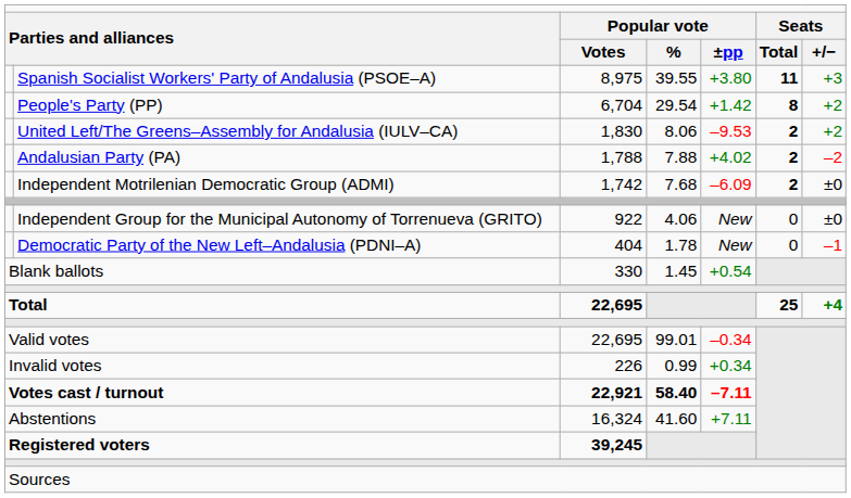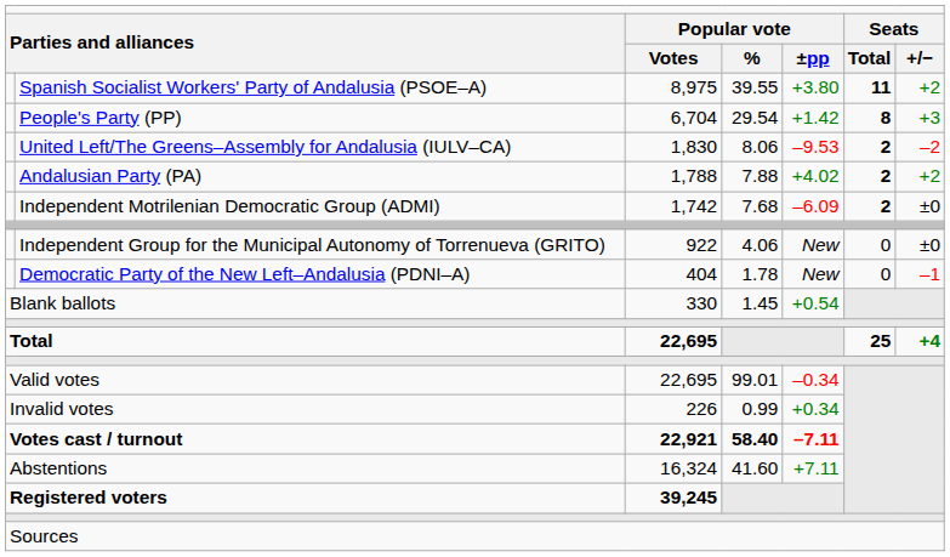 <table class="wikitable" style="text-align:right;">
 <tr>
 <td colspan="7"></td>
 </tr>
 <tr>
 <th style="text-align:left;" rowspan="2" colspan="2" width="525">Parties and alliances</th>
 <th colspan="3">Popular vote</th>
 <th colspan="2">Seats</th>
 </tr>
 <tr>
 <th width="75">Votes</th>
 <th width="45">%</th>
 <th width="45">±<a href='#'>pp</a></th>
 <th width="35">Total</th>
 <th width="35">+/−</th>
 </tr>
 <tr>
 <td width="1" style="color:inherit;background:"></td>
 <td align="left"><a href='#'>Spanish Socialist Workers' Party of Andalusia</a> (PSOE–A)</td>
 <td>8,975</td>
 <td>39.55</td>
 <td style="color:green;">+3.80</td>
 <td><strong>11</strong></td>
-<td style="color:green;">+3</td>
+<td style="color:green;">+2</td>
 </tr>
 <tr>
 <td style="color:inherit;background:"></td>
 <td align="left"><a href='#'>People's Party</a> (PP)</td>
 <td>6,704</td>
 <td>29.54</td>
 <td style="color:green;">+1.42</td>
 <td><strong>8</strong></td>
-<td style="color:green;">+2</td>
+<td style="color:green;">+3</td>
 </tr>
 <tr>
 <td style="color:inherit;background:"></td>
 <td align="left"><a href='#'>United Left/The Greens–Assembly for Andalusia</a> (IULV–CA)</td>
 <td>1,830</td>
 <td>8.06</td>
 <td style="color:red;">–9.53</td>
 <td><strong>2</strong></td>
-<td style="color:green;">+2</td>
+<td style="color:red;">–2</td>
 </tr>
 <tr>
 <td style="color:inherit;background:"></td>
 <td align="left"><a href='#'>Andalusian Party</a> (PA)</td>
 <td>1,788</td>
 <td>7.88</td>
 <td style="color:green;">+4.02</td>
 <td><strong>2</strong></td>
-<td style="color:red;">–2</td>
+<td style="color:green;">+2</td>
 </tr>
 <tr>
 <td style="color:inherit;background:"></td>
 <td align="left">Independent Motrilenian Democratic Group (ADMI)</td>
 <td>1,742</td>
 <td>7.68</td>
 <td style="color:red;">–6.09</td>
 <td><strong>2</strong></td>
 <td>±0</td>
 </tr>
 <tr>
 <td colspan="7" bgcolor="#C0C0C0"></td>
 </tr>
 <tr>
 <td style="color:inherit;background:"></td>
 <td align="left">Independent Group for the Municipal Autonomy of Torrenueva (GRITO)</td>
 <td>922</td>
 <td>4.06</td>
 <td><em>New</em></td>
 <td>0</td>
 <td>±0</td>
 </tr>
 <tr>
 <td style="color:inherit;background:"></td>
 <td align="left"><a href='#'>Democratic Party of the New Left–Andalusia</a> (PDNI–A)</td>
 <td>404</td>
 <td>1.78</td>
 <td><em>New</em></td>
 <td>0</td>
 <td style="color:red;">–1</td>
 </tr>
 <tr>
 <td align="left" colspan="2">Blank ballots</td>
 <td>330</td>
 <td>1.45</td>
 <td style="color:green;">+0.54</td>
 <td bgcolor="#E9E9E9" colspan="2"></td>
 </tr>
 <tr>
 <td colspan="7" bgcolor="#E9E9E9"></td>
 </tr>
 <tr style="font-weight:bold;">
 <td align="left" colspan="2">Total</td>
 <td>22,695</td>
 <td bgcolor="#E9E9E9" colspan="2"></td>
 <td>25</td>
 <td style="color:green;">+4</td>
 </tr>
 <tr>
 <td colspan="7" bgcolor="#E9E9E9"></td>
 </tr>
 <tr>
 <td align="left" colspan="2">Valid votes</td>
 <td>22,695</td>
 <td>99.01</td>
 <td style="color:red;">–0.34</td>
 <td bgcolor="#E9E9E9" colspan="2" rowspan="5"></td>
 </tr>
 <tr>
 <td align="left" colspan="2">Invalid votes</td>
 <td>226</td>
 <td>0.99</td>
 <td style="color:green;">+0.34</td>
 </tr>
 <tr style="font-weight:bold;">
 <td align="left" colspan="2">Votes cast / turnout</td>
 <td>22,921</td>
 <td>58.40</td>
 <td style="color:red;">–7.11</td>
 </tr>
 <tr>
 <td align="left" colspan="2">Abstentions</td>
 <td>16,324</td>
 <td>41.60</td>
 <td style="color:green;">+7.11</td>
 </tr>
 <tr style="font-weight:bold;">
 <td align="left" colspan="2">Registered voters</td>
 <td>39,245</td>
 <td bgcolor="#E9E9E9" colspan="2"></td>
 </tr>
 <tr>
 <td colspan="7" bgcolor="#E9E9E9"></td>
 </tr>
 <tr>
 <td align="left" colspan="7">Sources</td>
 </tr>
 </table>
